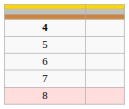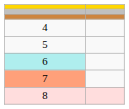 <table class="wikitable" style="width:180px;">
 <tr style="background:gold;">
 <td align=center></td>
 <td></td>
 </tr>
 <tr style="background:silver;">
 <td align=center></td>
 <td></td>
 </tr>
 <tr style="background:peru;">
 <td align=center></td>
 <td></td>
 </tr>
 <tr>
-<td align=center><strong>4</strong></td>
+<td align=center>4</td>
 <td></td>
 </tr>
 <tr>
 <td align=center>5</td>
 <td></td>
 </tr>
 <tr>
-<td align=center>6</td>
+<td align=center style="background: paleturquoise;">6</td>
 <td></td>
 </tr>
 <tr>
-<td align=center>7</td>
+<td align=center style="background: lightsalmon;">7</td>
 <td></td>
 </tr>
 <tr style="background:#fdd;">
 <td align=center>8</td>
 <td> </td>
 </tr>
 </table>
